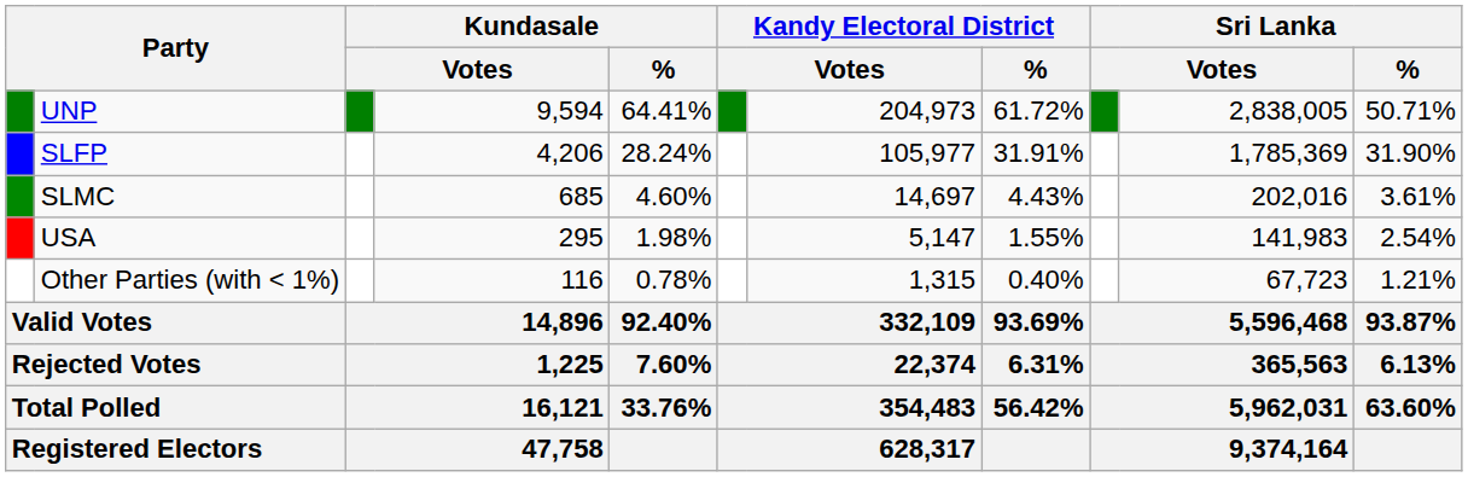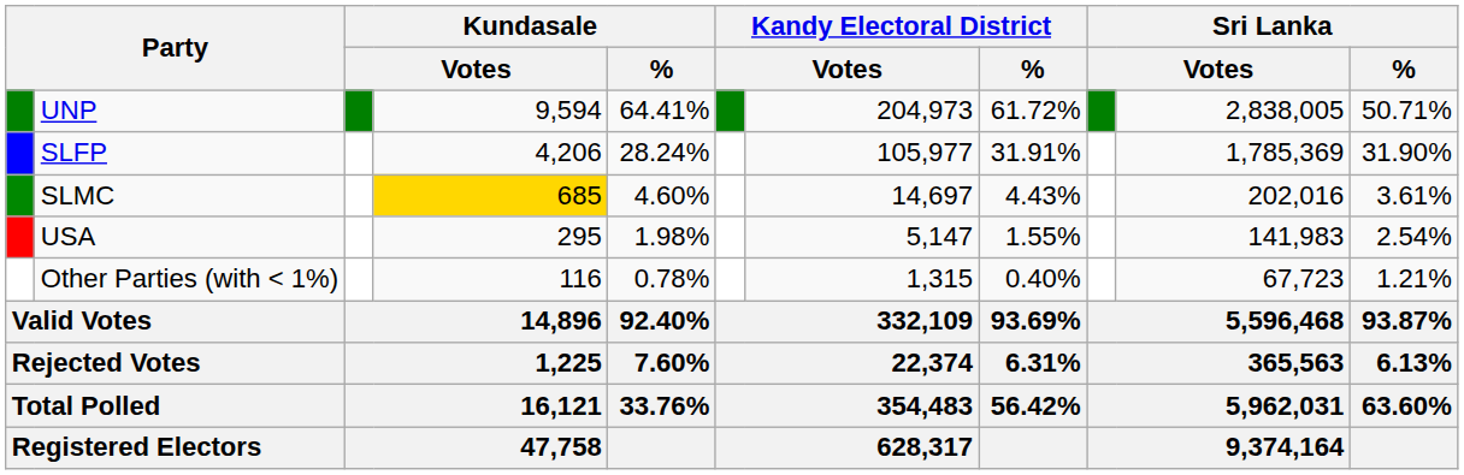 <table class="wikitable">
 <tr>
 <th colspan="2" width="144px"rowspan="2">Party</th>
 <th colspan="3" width="216px">Kundasale</th>
 <th colspan="3" width="216px"><a href='#'>Kandy Electoral District</a></th>
 <th colspan="3" width="216px">Sri Lanka</th>
 </tr>
 <tr>
 <th colspan="2" width="144px">Votes</th>
 <th>%</th>
 <th colspan="2" width="144px">Votes</th>
 <th>%</th>
 <th colspan="2" width="144px">Votes</th>
 <th>%</th>
 </tr>
 <tr>
 <td style="background-color:green;" width="10px"></td>
 <td style="text-align:left;"><a href='#'>UNP</a></td>
 <td style="background-color:green;" width="10px"></td>
 <td style="text-align:right;">9,594</td>
 <td style="text-align:right;">64.41%</td>
 <td style="background-color:green;" width="10px"></td>
 <td style="text-align:right;">204,973</td>
 <td style="text-align:right;">61.72%</td>
 <td style="background-color:green;" width="10px"></td>
 <td style="text-align:right;">2,838,005</td>
 <td style="text-align:right;">50.71%</td>
 </tr>
 <tr>
 <td style="background-color:blue;" width="10px"></td>
 <td style="text-align:left;"><a href='#'>SLFP</a></td>
 <td style="background-color:white;" width="10px"></td>
 <td style="text-align:right;">4,206</td>
 <td style="text-align:right;">28.24%</td>
 <td style="background-color:white;" width="10px"></td>
 <td style="text-align:right;">105,977</td>
 <td style="text-align:right;">31.91%</td>
 <td style="background-color:white;" width="10px"></td>
 <td style="text-align:right;">1,785,369</td>
 <td style="text-align:right;">31.90%</td>
 </tr>
 <tr>
 <td style="background-color:#008800;" width="10px"></td>
 <td style="text-align:left;">SLMC</td>
 <td style="background-color:white;" width="10px"></td>
-<td style="text-align:right;">685</td>
+<td style="background: gold; text-align:right;">685</td>
 <td style="text-align:right;">4.60%</td>
 <td style="background-color:white;" width="10px"></td>
 <td style="text-align:right;">14,697</td>
 <td style="text-align:right;">4.43%</td>
 <td style="background-color:white;" width="10px"></td>
 <td style="text-align:right;">202,016</td>
 <td style="text-align:right;">3.61%</td>
 </tr>
 <tr>
 <td style="background-color:red;" width="10px"></td>
 <td style="text-align:left;">USA</td>
 <td style="background-color:white;" width="10px"></td>
 <td style="text-align:right;">295</td>
 <td style="text-align:right;">1.98%</td>
 <td style="background-color:white;" width="10px"></td>
 <td style="text-align:right;">5,147</td>
 <td style="text-align:right;">1.55%</td>
 <td style="background-color:white;" width="10px"></td>
 <td style="text-align:right;">141,983</td>
 <td style="text-align:right;">2.54%</td>
 </tr>
 <tr>
 <td style="background-color:white;" width="10px"></td>
 <td style="text-align:left;">Other Parties (with < 1%)</td>
 <td style="background-color:white;" width="10px"></td>
 <td style="text-align:right;">116</td>
 <td style="text-align:right;">0.78%</td>
 <td style="background-color:white;" width="10px"></td>
 <td style="text-align:right;">1,315</td>
 <td style="text-align:right;">0.40%</td>
 <td style="background-color:white;" width="10px"></td>
 <td style="text-align:right;">67,723</td>
 <td style="text-align:right;">1.21%</td>
 </tr>
 <tr>
 <th colspan="2" width="144px"style="text-align:left;">Valid Votes</th>
 <th style="text-align:right;"colspan="2" width="144px">14,896</th>
 <th style="text-align:right;">92.40%</th>
 <th style="text-align:right;"colspan="2" width="144px">332,109</th>
 <th style="text-align:right;">93.69%</th>
 <th style="text-align:right;"colspan="2" width="144px">5,596,468</th>
 <th style="text-align:right;">93.87%</th>
 </tr>
 <tr>
 <th colspan="2" width="144px"style="text-align:left;">Rejected Votes</th>
 <th style="text-align:right;"colspan="2" width="144px">1,225</th>
 <th style="text-align:right;">7.60%</th>
 <th style="text-align:right;"colspan="2" width="144px">22,374</th>
 <th style="text-align:right;">6.31%</th>
 <th style="text-align:right;"colspan="2" width="144px">365,563</th>
 <th style="text-align:right;">6.13%</th>
 </tr>
 <tr>
 <th colspan="2" width="144px"style="text-align:left;">Total Polled</th>
 <th style="text-align:right;"colspan="2" width="144px">16,121</th>
 <th style="text-align:right;">33.76%</th>
 <th style="text-align:right;"colspan="2" width="144px">354,483</th>
 <th style="text-align:right;">56.42%</th>
 <th style="text-align:right;"colspan="2" width="144px">5,962,031</th>
 <th style="text-align:right;">63.60%</th>
 </tr>
 <tr>
 <th colspan="2" width="144px"style="text-align:left;">Registered Electors</th>
 <th style="text-align:right;"colspan="2" width="144px">47,758</th>
 <th></th>
 <th style="text-align:right;"colspan="2" width="144px">628,317</th>
 <th></th>
 <th style="text-align:right;"colspan="2" width="144px">9,374,164</th>
 <th></th>
 </tr>
 </table>
